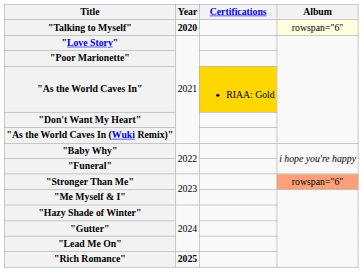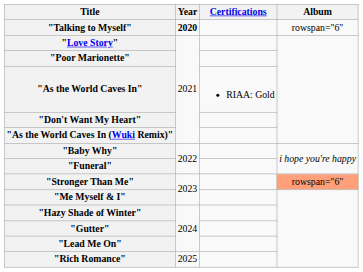 <table class="wikitable plainrowheaders" style="text-align:center;">
 <tr>
 <th scope="col">Title</th>
 <th scope="col">Year</th>
 <th scope="col"><a href='#'>Certifications</a></th>
 <th scope="col">Album</th>
 </tr>
 <tr>
 <th scope="row">"Talking to Myself"</th>
 <td><strong>2020</strong></td>
 <td></td>
-<td style="background: lightyellow;">rowspan="6" </td>
+<td>rowspan="6" </td>
 </tr>
 <tr>
 <th scope="row">"<a href='#'>Love Story</a>"</th>
 <td rowspan="5">2021</td>
 <td></td>
 </tr>
 <tr>
 <th scope="row">"Poor Marionette"</th>
 <td></td>
 </tr>
 <tr>
 <th scope="row">"As the World Caves In"</th>
-<td style="background: gold;"><br><ul><li>RIAA: Gold</li></ul></td>
+<td><br><ul><li>RIAA: Gold</li></ul></td>
 </tr>
 <tr>
 <th scope="row">"Don't Want My Heart"</th>
 <td></td>
 </tr>
 <tr>
 <th scope="row">"As the World Caves In (<a href='#'>Wuki</a> Remix)"</th>
 <td></td>
 </tr>
 <tr>
 <th scope="row">"Baby Why"</th>
 <td rowspan="2">2022</td>
 <td></td>
 <td rowspan="2"><em>i hope you're happy</em></td>
 </tr>
 <tr>
 <th scope="row">"Funeral"</th>
 <td></td>
 </tr>
 <tr>
 <th scope="row">"Stronger Than Me"</th>
 <td rowspan="2">2023</td>
 <td></td>
 <td style="background: lightsalmon;">rowspan="6" </td>
 </tr>
 <tr>
 <th scope="row">"Me Myself & I"</th>
 <td></td>
 </tr>
 <tr>
 <th scope="row">"Hazy Shade of Winter"</th>
 <td rowspan="3">2024</td>
 <td></td>
 </tr>
 <tr>
 <th scope="row">"Gutter"</th>
 <td></td>
 </tr>
 <tr>
 <th scope="row">"Lead Me On"</th>
 <td></td>
 </tr>
 <tr>
 <th scope="row">"Rich Romance"</th>
-<td><strong>2025</strong></td>
+<td>2025</td>
 <td></td>
 </tr>
 </table>
